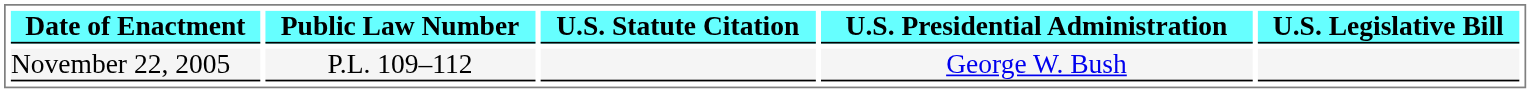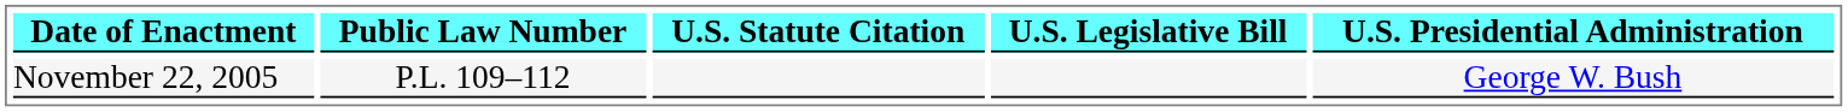 <table style="border:1px solid gray; align:left; width:70%" cellspacing=3 cellpadding=0>
 <tr style="font-weight:bold; text-align:center; background:#6FF; color:black;">
 <th style=" border-bottom:1.5px solid black">Date of Enactment</th>
 <th style=" border-bottom:1.5px solid black">Public Law Number</th>
 <th style=" border-bottom:1.5px solid black">U.S. Statute Citation</th>
+<th style=" border-bottom:1.5px solid black">U.S. Legislative Bill</th>
 <th style=" border-bottom:1.5px solid black">U.S. Presidential Administration</th>
-<th style=" border-bottom:1.5px solid black">U.S. Legislative Bill</th>
 </tr>
 <tr>
 <td style="border-bottom:1.5px solid black; background:#F5F5F5;">November 22, 2005</td>
 <td style="border-bottom:1.5px solid black; background:#F5F5F5; text-align:center;">P.L. 109–112</td>
 <td style="border-bottom:1.5px solid black; background:#F5F5F5; text-align:center;"></td>
+<td style="border-bottom:1.5px solid black; background:#F5F5F5; text-align:center;"></td>
 <td style="border-bottom:1.5px solid black; background:#F5F5F5; text-align:center;"><a href='#'>George W. Bush</a></td>
-<td style="border-bottom:1.5px solid black; background:#F5F5F5; text-align:center;"></td>
 </tr>
 </table>
